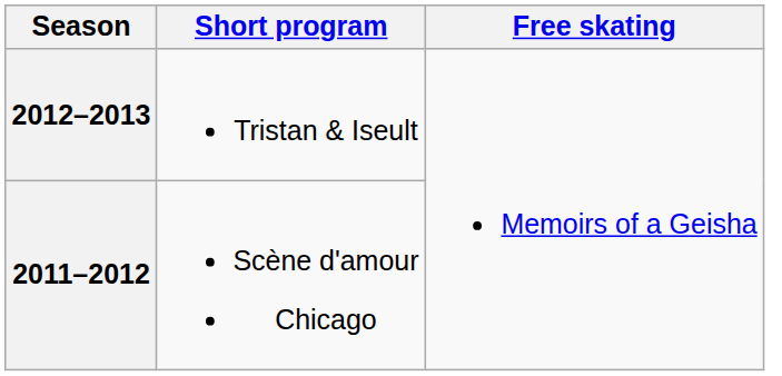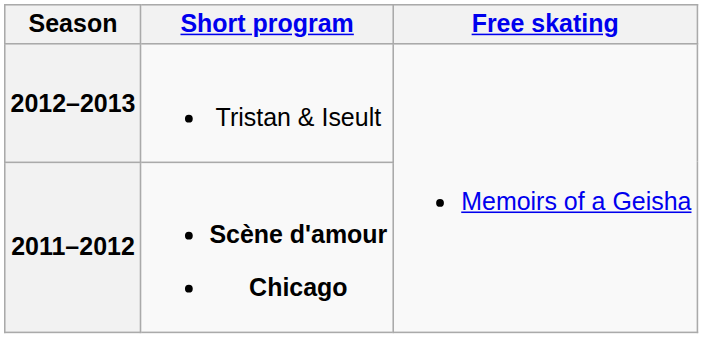 <table class=wikitable style=text-align:center>
 <tr>
 <th>Season</th>
 <th><a href='#'>Short program</a></th>
 <th><a href='#'>Free skating</a></th>
 </tr>
 <tr>
 <th>2012–2013 <br> </th>
 <td><br><ul><li>Tristan & Iseult <br></li></ul></td>
 <td rowspan=2><br><ul><li><a href='#'>Memoirs of a Geisha</a> <br></li></ul></td>
 </tr>
 <tr>
 <th>2011–2012 <br> </th>
-<td><br><ul><li>Scène d'amour <br></li></ul><ul><li>Chicago</li></ul></td>
+<td><strong><br><ul><li>Scène d'amour <br></li></ul><ul><li>Chicago</li></ul></strong></td>
 </tr>
 </table>
